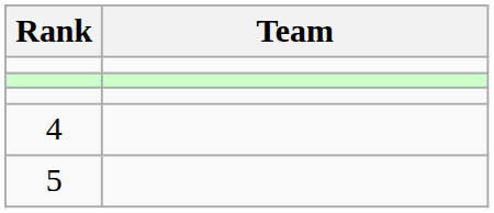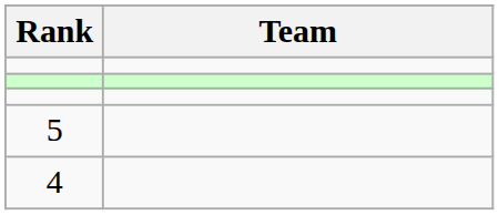 <table class="wikitable" style="text-align: center;">
 <tr>
 <th width=40>Rank</th>
 <th width=180>Team</th>
 </tr>
 <tr>
 <td></td>
 <td align="left"></td>
 </tr>
 <tr bgcolor=#CCFFCC>
 <td></td>
 <td align="left"></td>
 </tr>
 <tr>
 <td></td>
 <td align="left"></td>
 </tr>
 <tr>
+<td>5</td>
+<td align="left"></td>
+</tr>
+<tr>
 <td>4</td>
 <td align="left"></td>
 </tr>
-<tr>
-<td>5</td>
-<td align="left"></td>
-</tr>
 </table>
